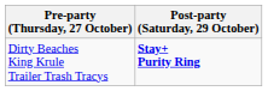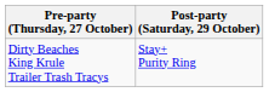 <table class="wikitable">
 <tr>
 <th>Pre-party<br>(Thursday, 27 October)</th>
 <th>Post-party<br>(Saturday, 29 October)</th>
 </tr>
 <tr valign="top">
 <td><a href='#'>Dirty Beaches</a><br><a href='#'>King Krule</a><br><a href='#'>Trailer Trash Tracys</a></td>
-<td><strong><a href='#'>Stay+</a><br><a href='#'>Purity Ring</a></strong></td>
+<td><a href='#'>Stay+</a><br><a href='#'>Purity Ring</a></td>
 </tr>
 </table>
